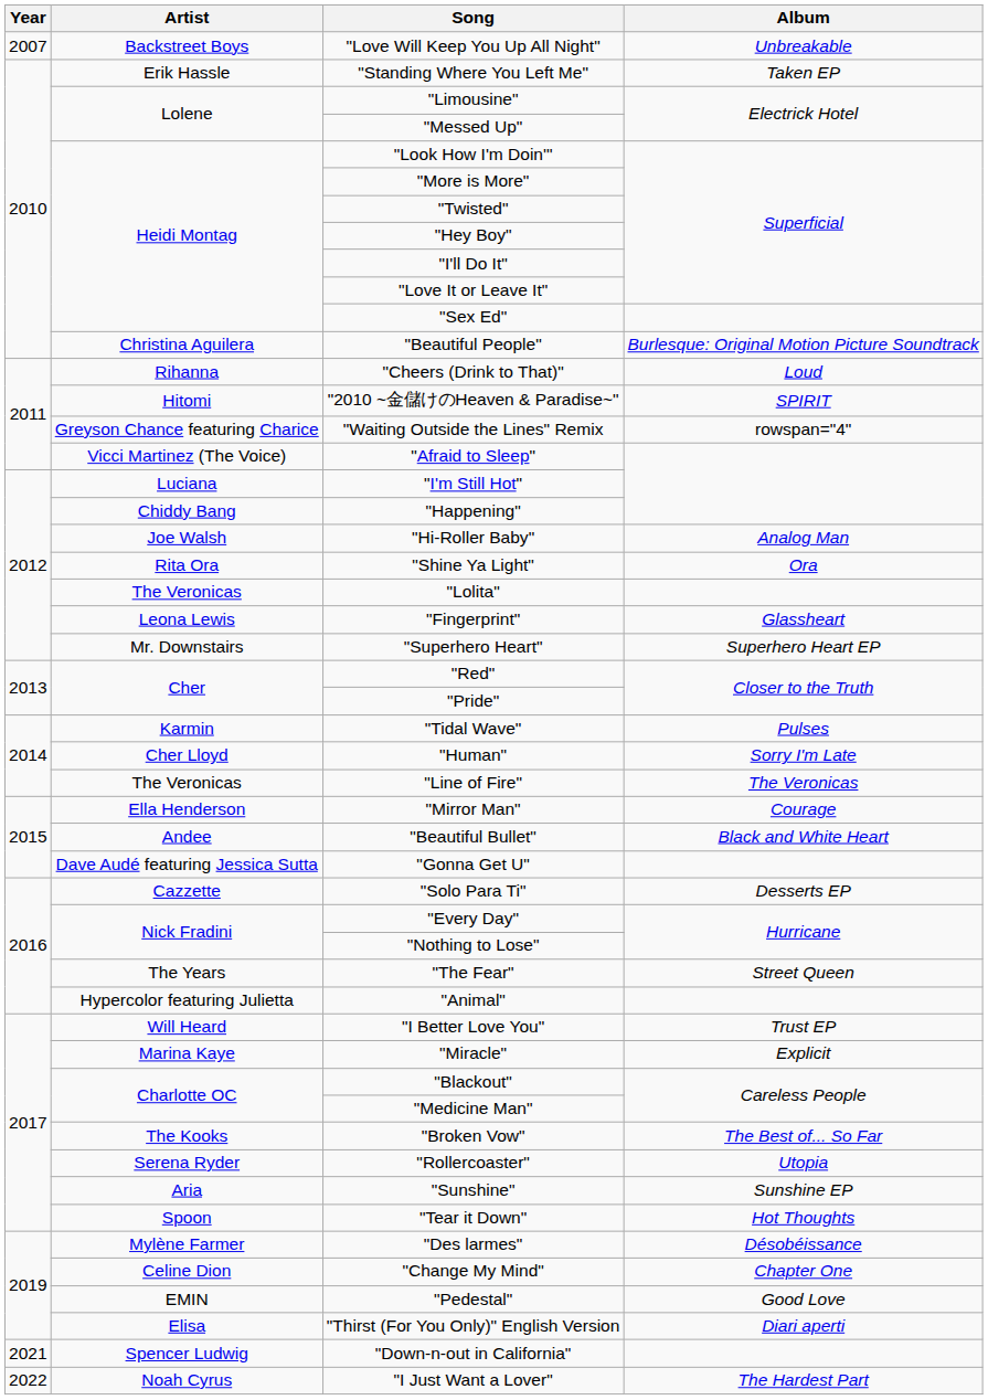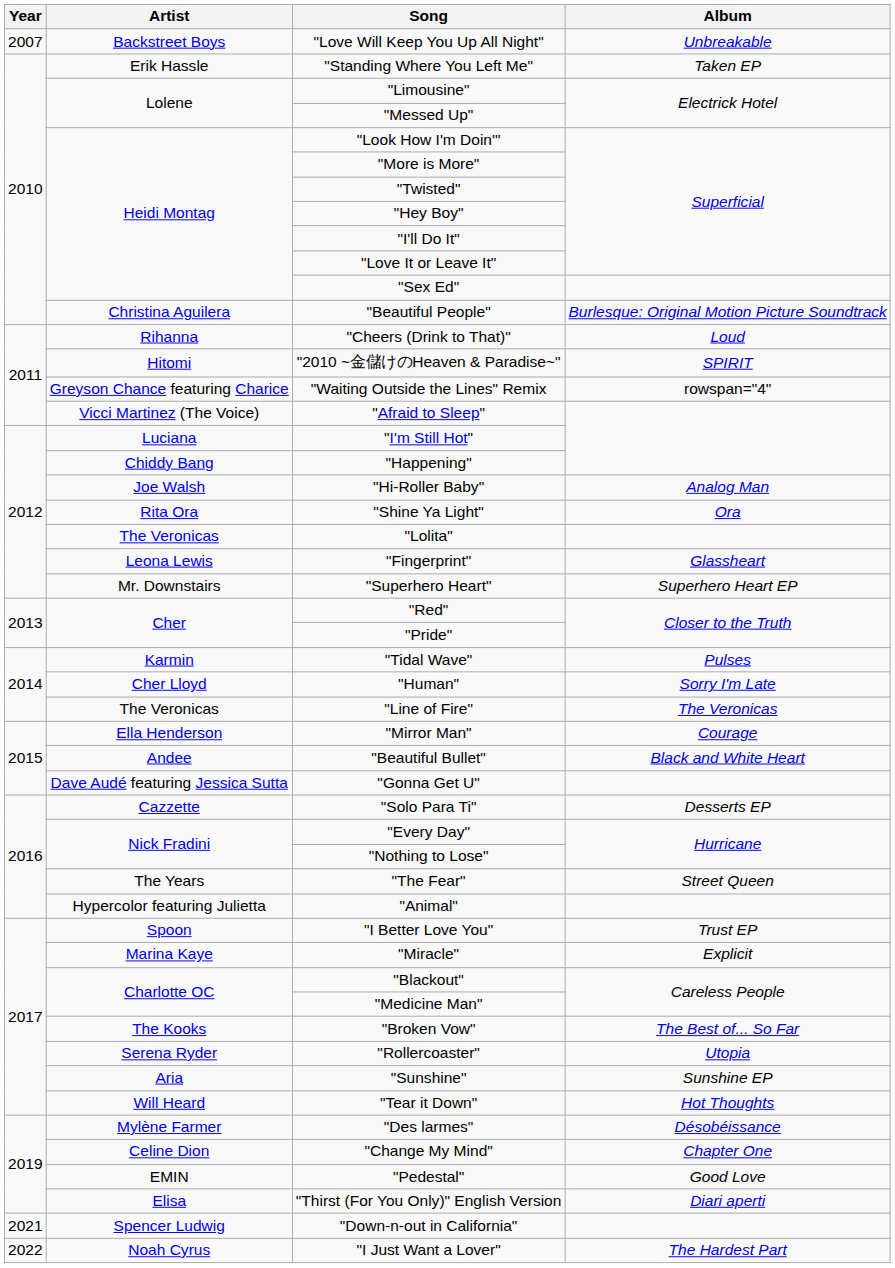 <table class="wikitable sortable" style="text-align:center">
 <tr>
 <th align="center">Year</th>
 <th>Artist</th>
 <th>Song</th>
 <th align="center">Album</th>
 </tr>
 <tr>
 <td>2007</td>
 <td><a href='#'>Backstreet Boys</a></td>
 <td>"Love Will Keep You Up All Night"</td>
 <td><em><a href='#'>Unbreakable</a></em></td>
 </tr>
 <tr>
 <td rowspan="11">2010</td>
 <td>Erik Hassle</td>
 <td>"Standing Where You Left Me"</td>
 <td><em>Taken EP</em></td>
 </tr>
 <tr>
 <td rowspan="2">Lolene</td>
 <td>"Limousine"</td>
 <td rowspan="2"><em>Electrick Hotel</em></td>
 </tr>
 <tr>
 <td>"Messed Up"</td>
 </tr>
 <tr>
 <td rowspan="7"><a href='#'>Heidi Montag</a></td>
 <td>"Look How I'm Doin'"</td>
 <td rowspan="6"><em><a href='#'>Superficial</a></em></td>
 </tr>
 <tr>
 <td>"More is More"</td>
 </tr>
 <tr>
 <td>"Twisted"</td>
 </tr>
 <tr>
 <td>"Hey Boy"</td>
 </tr>
 <tr>
 <td>"I'll Do It"</td>
 </tr>
 <tr>
 <td>"Love It or Leave It"</td>
 </tr>
 <tr>
 <td>"Sex Ed"</td>
 <td></td>
 </tr>
 <tr>
 <td><a href='#'>Christina Aguilera</a></td>
 <td>"Beautiful People"</td>
 <td><em><a href='#'>Burlesque: Original Motion Picture Soundtrack</a></em></td>
 </tr>
 <tr>
 <td rowspan="4">2011</td>
 <td><a href='#'>Rihanna</a></td>
 <td>"Cheers (Drink to That)"</td>
 <td><em><a href='#'>Loud</a></em></td>
 </tr>
 <tr>
 <td><a href='#'>Hitomi</a></td>
 <td>"2010 ~金儲けのHeaven & Paradise~"</td>
 <td><em><a href='#'>SPIRIT</a></em></td>
 </tr>
 <tr>
 <td><a href='#'>Greyson Chance</a> featuring <a href='#'>Charice</a></td>
 <td>"Waiting Outside the Lines" Remix</td>
 <td>rowspan="4" </td>
 </tr>
 <tr>
 <td><a href='#'>Vicci Martinez</a> (The Voice)</td>
 <td>"<a href='#'>Afraid to Sleep</a>"</td>
 </tr>
 <tr>
 <td rowspan="7">2012</td>
 <td><a href='#'>Luciana</a></td>
 <td>"<a href='#'>I'm Still Hot</a>"</td>
 </tr>
 <tr>
 <td><a href='#'>Chiddy Bang</a></td>
 <td>"Happening"</td>
 </tr>
 <tr>
 <td><a href='#'>Joe Walsh</a></td>
 <td>"Hi-Roller Baby"</td>
 <td><em><a href='#'>Analog Man</a></em></td>
 </tr>
 <tr>
 <td><a href='#'>Rita Ora</a></td>
 <td>"Shine Ya Light"</td>
 <td><em><a href='#'>Ora</a></em></td>
 </tr>
 <tr>
 <td><a href='#'>The Veronicas</a></td>
 <td>"Lolita"</td>
 <td></td>
 </tr>
 <tr>
 <td><a href='#'>Leona Lewis</a></td>
 <td>"Fingerprint"</td>
 <td><em><a href='#'>Glassheart</a></em></td>
 </tr>
 <tr>
 <td>Mr. Downstairs</td>
 <td>"Superhero Heart"</td>
 <td><em>Superhero Heart EP</em></td>
 </tr>
 <tr>
 <td rowspan="2">2013</td>
 <td rowspan="2"><a href='#'>Cher</a></td>
 <td>"Red"</td>
 <td rowspan="2"><em><a href='#'>Closer to the Truth</a></em></td>
 </tr>
 <tr>
 <td>"Pride"</td>
 </tr>
 <tr>
 <td rowspan="3">2014</td>
 <td><a href='#'>Karmin</a></td>
 <td>"Tidal Wave"</td>
 <td><em><a href='#'>Pulses</a></em></td>
 </tr>
 <tr>
 <td><a href='#'>Cher Lloyd</a></td>
 <td>"Human"</td>
 <td><em><a href='#'>Sorry I'm Late</a></em></td>
 </tr>
 <tr>
 <td>The Veronicas</td>
 <td>"Line of Fire"</td>
 <td><em><a href='#'>The Veronicas</a></em></td>
 </tr>
 <tr>
 <td rowspan="3">2015</td>
 <td><a href='#'>Ella Henderson</a></td>
 <td>"Mirror Man"</td>
 <td><em><a href='#'>Courage</a></em></td>
 </tr>
 <tr>
 <td><a href='#'>Andee</a></td>
 <td>"Beautiful Bullet"</td>
 <td><em><a href='#'>Black and White Heart</a></em></td>
 </tr>
 <tr>
 <td><a href='#'>Dave Audé</a> featuring <a href='#'>Jessica Sutta</a></td>
 <td>"Gonna Get U"</td>
 <td></td>
 </tr>
 <tr>
 <td rowspan="5">2016</td>
 <td><a href='#'>Cazzette</a></td>
 <td>"Solo Para Ti"</td>
 <td><em>Desserts EP</em></td>
 </tr>
 <tr>
 <td rowspan="2"><a href='#'>Nick Fradini</a></td>
 <td>"Every Day"</td>
 <td rowspan="2"><em><a href='#'>Hurricane</a></em></td>
 </tr>
 <tr>
 <td>"Nothing to Lose"</td>
 </tr>
 <tr>
 <td>The Years</td>
 <td>"The Fear"</td>
 <td><em>Street Queen</em></td>
 </tr>
 <tr>
 <td>Hypercolor featuring Julietta</td>
 <td>"Animal"</td>
 <td></td>
 </tr>
 <tr>
 <td rowspan="8">2017</td>
-<td><a href='#'>Will Heard</a></td>
+<td><a href='#'>Spoon</a></td>
 <td>"I Better Love You"</td>
 <td><em>Trust EP</em></td>
 </tr>
 <tr>
 <td><a href='#'>Marina Kaye</a></td>
 <td>"Miracle"</td>
 <td><em>Explicit</em></td>
 </tr>
 <tr>
 <td rowspan="2"><a href='#'>Charlotte OC</a></td>
 <td>"Blackout"</td>
 <td rowspan="2"><em>Careless People</em></td>
 </tr>
 <tr>
 <td>"Medicine Man"</td>
 </tr>
 <tr>
 <td><a href='#'>The Kooks</a></td>
 <td>"Broken Vow"</td>
 <td><em><a href='#'>The Best of... So Far</a></em></td>
 </tr>
 <tr>
 <td><a href='#'>Serena Ryder</a></td>
 <td>"Rollercoaster"</td>
 <td><em><a href='#'>Utopia</a></em></td>
 </tr>
 <tr>
 <td><a href='#'>Aria</a></td>
 <td>"Sunshine"</td>
 <td><em>Sunshine EP</em></td>
 </tr>
 <tr>
-<td><a href='#'>Spoon</a></td>
+<td><a href='#'>Will Heard</a></td>
 <td>"Tear it Down"</td>
 <td><em><a href='#'>Hot Thoughts</a></em></td>
 </tr>
 <tr>
 <td rowspan="4">2019</td>
 <td><a href='#'>Mylène Farmer</a></td>
 <td>"Des larmes"</td>
 <td><em><a href='#'>Désobéissance</a></em></td>
 </tr>
 <tr>
 <td><a href='#'>Celine Dion</a></td>
 <td>"Change My Mind"</td>
 <td><em><a href='#'>Chapter One</a></em></td>
 </tr>
 <tr>
 <td>EMIN</td>
 <td>"Pedestal"</td>
 <td><em>Good Love</em></td>
 </tr>
 <tr>
 <td><a href='#'>Elisa</a></td>
 <td>"Thirst (For You Only)" English Version</td>
 <td><em><a href='#'>Diari aperti</a></em></td>
 </tr>
 <tr>
 <td>2021</td>
 <td><a href='#'>Spencer Ludwig</a></td>
 <td>"Down-n-out in California"</td>
 <td></td>
 </tr>
 <tr>
 <td>2022</td>
 <td><a href='#'>Noah Cyrus</a></td>
 <td>"I Just Want a Lover"</td>
 <td><em><a href='#'>The Hardest Part</a></em></td>
 </tr>
 </table>
